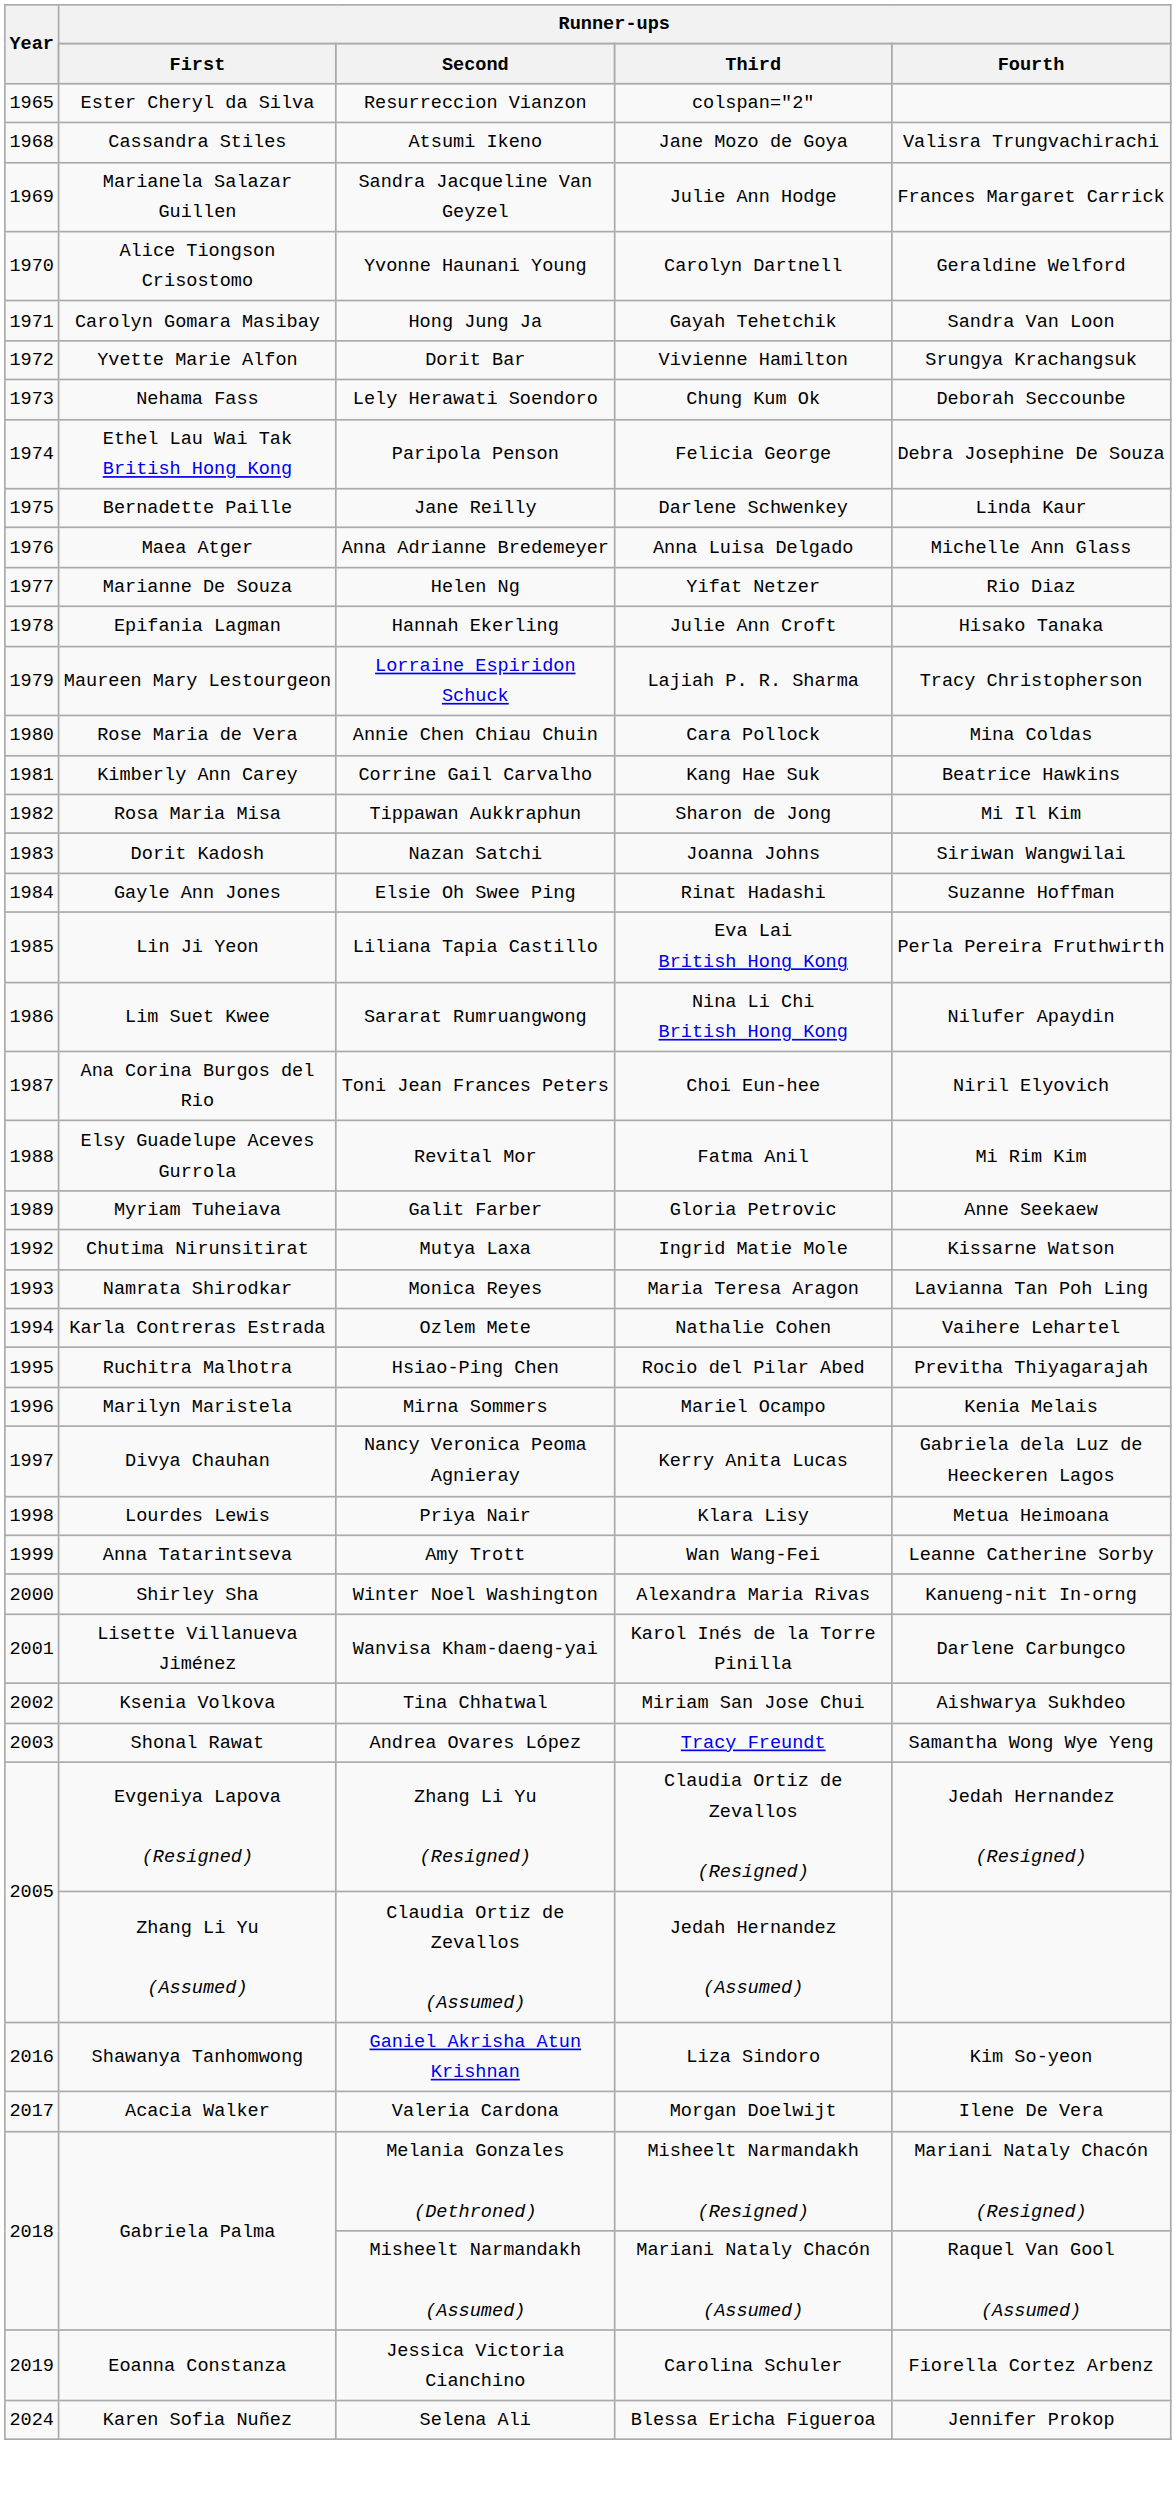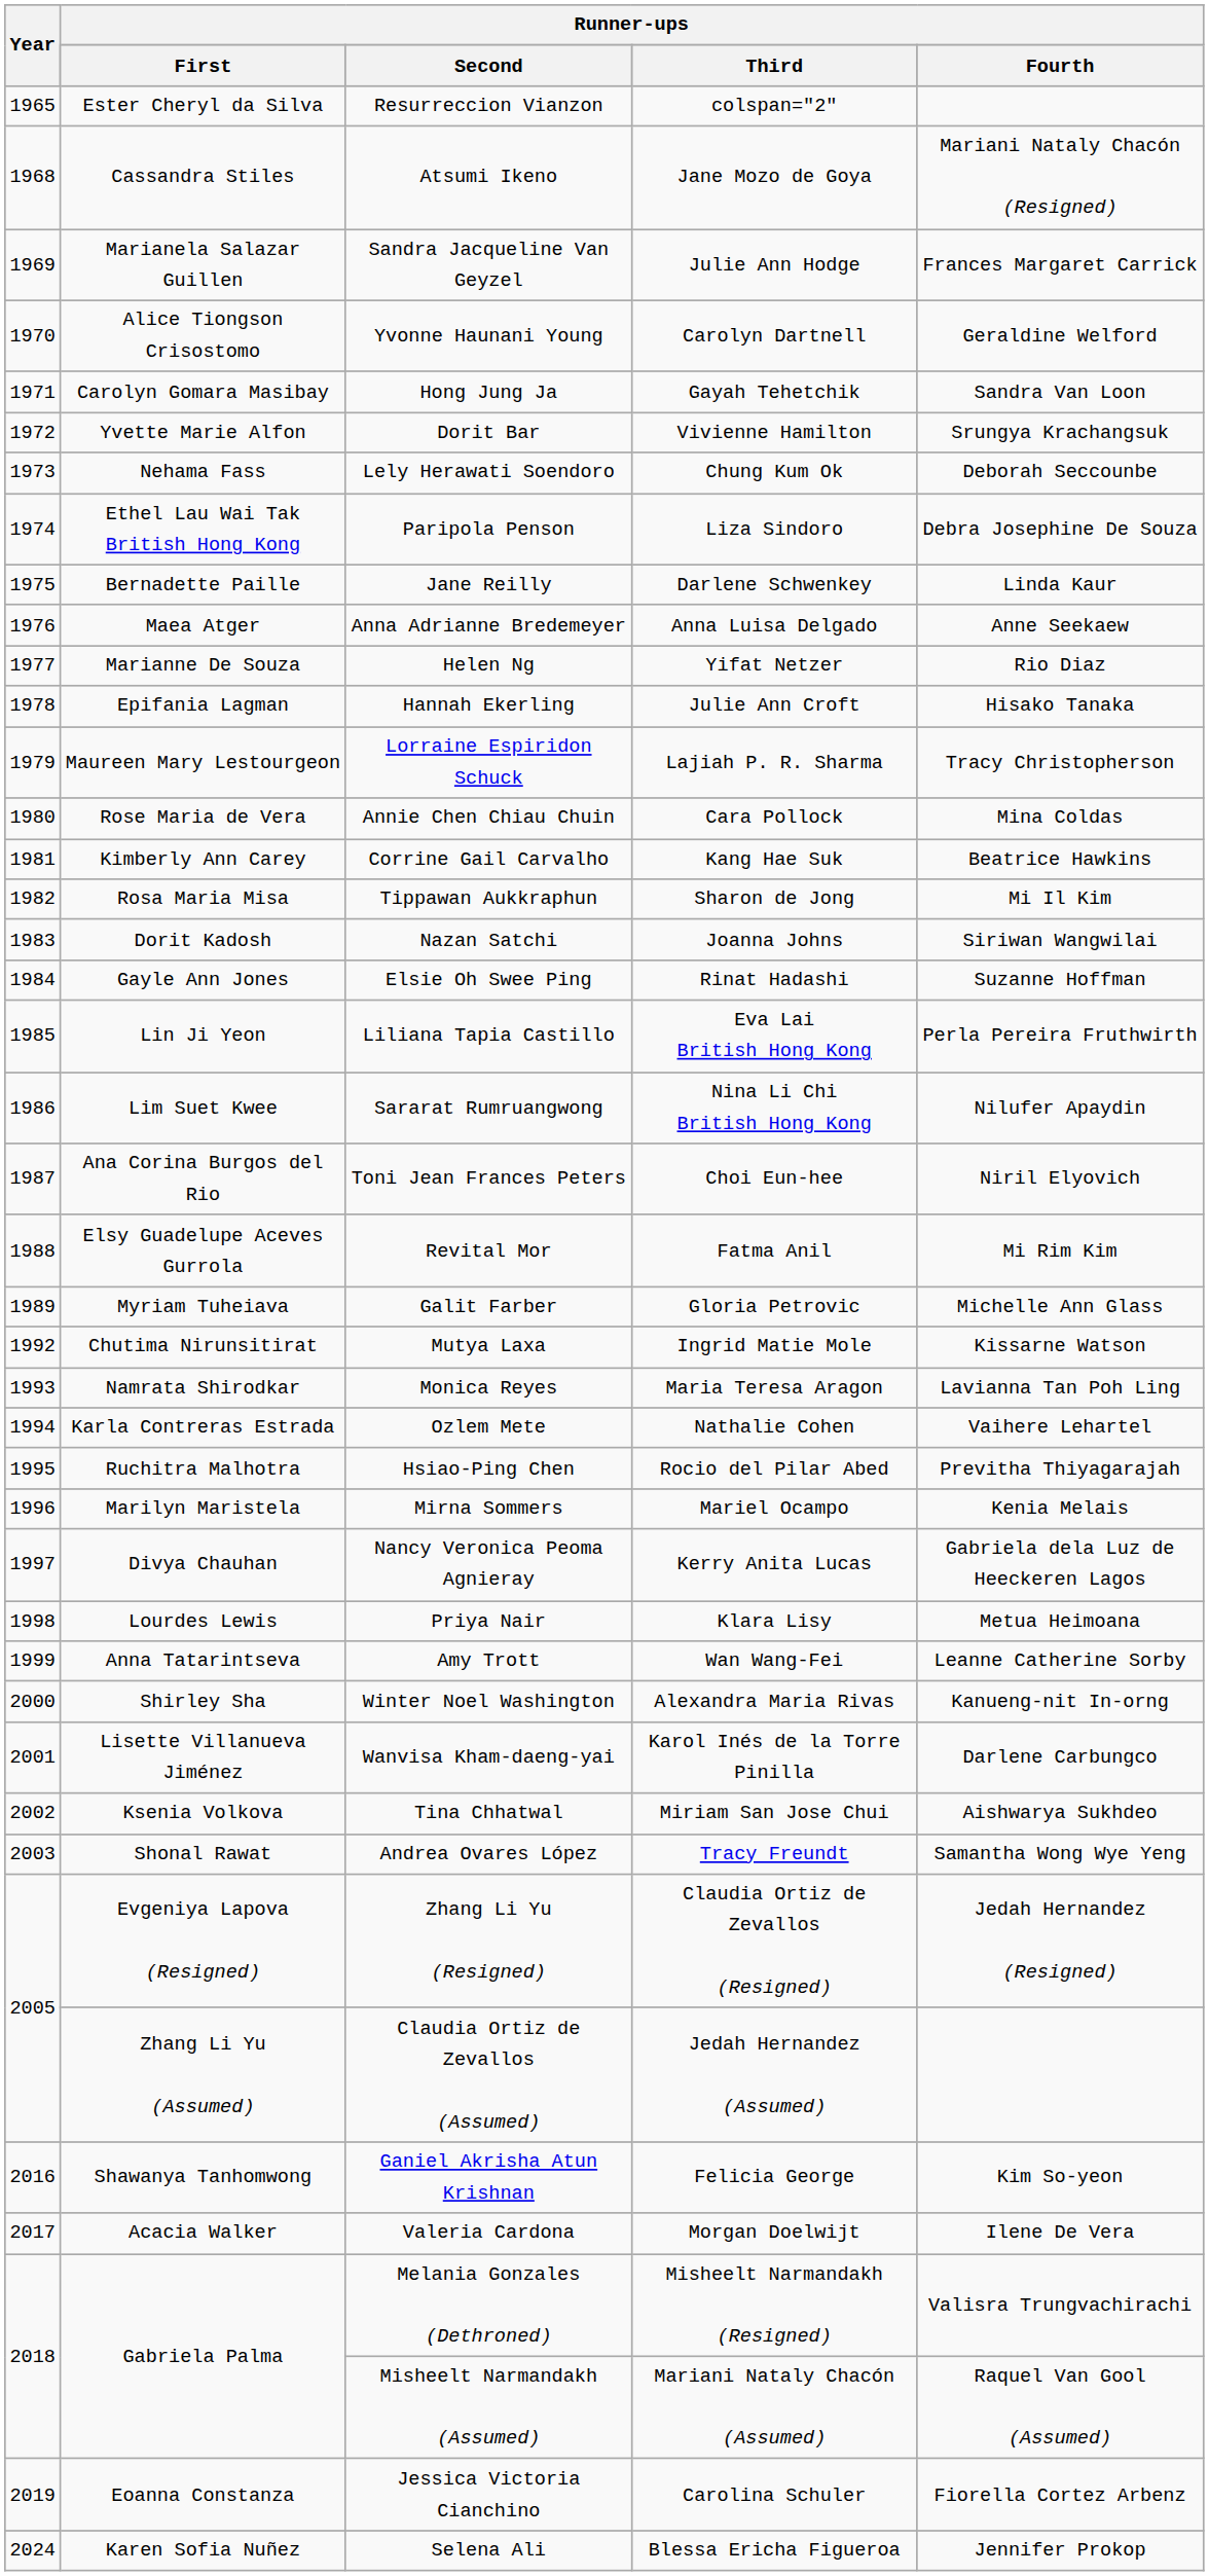 <table class="wikitable" style="text-align:center; font-size:85%; line-height:18px;">
 <tr>
 <th rowspan="2">Year</th>
 <th colspan="4">Runner-ups</th>
 </tr>
 <tr bgcolor="#787878" align="center" colspan="10">
 <th width="160">First</th>
 <th width="160">Second</th>
 <th width="160">Third</th>
 <th width="160">Fourth</th>
 </tr>
 <tr>
 <td>1965</td>
 <td>Ester Cheryl da Silva<br></td>
 <td>Resurreccion Vianzon<br></td>
 <td>colspan="2" </td>
 </tr>
 <tr>
 <td>1968</td>
 <td>Cassandra Stiles<br></td>
 <td>Atsumi Ikeno<br></td>
 <td>Jane Mozo de Goya<br></td>
-<td>Valisra Trungvachirachi<br></td>
+<td>Mariani Nataly Chacón<br><br><em>(Resigned)</em></td>
 </tr>
 <tr>
 <td>1969</td>
 <td>Marianela Salazar Guillen<br></td>
 <td>Sandra Jacqueline Van Geyzel<br></td>
 <td>Julie Ann Hodge<br></td>
 <td>Frances Margaret Carrick<br></td>
 </tr>
 <tr>
 <td>1970</td>
 <td>Alice Tiongson Crisostomo<br></td>
 <td>Yvonne Haunani Young<br></td>
 <td>Carolyn Dartnell<br></td>
 <td>Geraldine Welford<br></td>
 </tr>
 <tr>
 <td>1971</td>
 <td>Carolyn Gomara Masibay<br></td>
 <td>Hong Jung Ja<br></td>
 <td>Gayah Tehetchik<br></td>
 <td>Sandra Van Loon<br></td>
 </tr>
 <tr>
 <td>1972</td>
 <td>Yvette Marie Alfon<br></td>
 <td>Dorit Bar<br></td>
 <td>Vivienne Hamilton<br></td>
 <td>Srungya Krachangsuk<br></td>
 </tr>
 <tr>
 <td>1973</td>
 <td>Nehama Fass<br></td>
 <td>Lely Herawati Soendoro<br></td>
 <td>Chung Kum Ok<br></td>
 <td>Deborah Seccounbe<br></td>
 </tr>
 <tr>
 <td>1974</td>
 <td>Ethel Lau Wai Tak<br> <a href='#'>British Hong Kong</a></td>
 <td>Paripola Penson<br></td>
-<td>Felicia George<br></td>
+<td>Liza Sindoro<br></td>
 <td>Debra Josephine De Souza<br></td>
 </tr>
 <tr>
 <td>1975</td>
 <td>Bernadette Paille<br></td>
 <td>Jane Reilly<br></td>
 <td>Darlene Schwenkey<br></td>
 <td>Linda Kaur<br></td>
 </tr>
 <tr>
 <td>1976</td>
 <td>Maea Atger<br></td>
 <td>Anna Adrianne Bredemeyer<br></td>
 <td>Anna Luisa Delgado<br></td>
-<td>Michelle Ann Glass<br></td>
+<td>Anne Seekaew<br></td>
 </tr>
 <tr>
 <td>1977</td>
 <td>Marianne De Souza<br></td>
 <td>Helen Ng<br></td>
 <td>Yifat Netzer<br></td>
 <td>Rio Diaz<br></td>
 </tr>
 <tr>
 <td>1978</td>
 <td>Epifania Lagman<br></td>
 <td>Hannah Ekerling<br></td>
 <td>Julie Ann Croft<br></td>
 <td>Hisako Tanaka<br></td>
 </tr>
 <tr>
 <td>1979</td>
 <td>Maureen Mary Lestourgeon<br></td>
 <td><a href='#'>Lorraine Espiridon Schuck</a><br></td>
 <td>Lajiah P. R. Sharma<br></td>
 <td>Tracy Christopherson<br></td>
 </tr>
 <tr>
 <td>1980</td>
 <td>Rose Maria de Vera<br></td>
 <td>Annie Chen Chiau Chuin<br></td>
 <td>Cara Pollock<br></td>
 <td>Mina Coldas<br></td>
 </tr>
 <tr>
 <td>1981</td>
 <td>Kimberly Ann Carey<br></td>
 <td>Corrine Gail Carvalho<br></td>
 <td>Kang Hae Suk<br></td>
 <td>Beatrice Hawkins<br></td>
 </tr>
 <tr>
 <td>1982</td>
 <td>Rosa Maria Misa<br></td>
 <td>Tippawan Aukkraphun<br></td>
 <td>Sharon de Jong<br></td>
 <td>Mi Il Kim<br></td>
 </tr>
 <tr>
 <td>1983</td>
 <td>Dorit Kadosh<br></td>
 <td>Nazan Satchi<br></td>
 <td>Joanna Johns<br></td>
 <td>Siriwan Wangwilai<br></td>
 </tr>
 <tr>
 <td>1984</td>
 <td>Gayle Ann Jones<br></td>
 <td>Elsie Oh Swee Ping<br></td>
 <td>Rinat Hadashi<br></td>
 <td>Suzanne Hoffman<br></td>
 </tr>
 <tr>
 <td>1985</td>
 <td>Lin Ji Yeon<br></td>
 <td>Liliana Tapia Castillo<br></td>
 <td>Eva Lai<br> <a href='#'>British Hong Kong</a></td>
 <td>Perla Pereira Fruthwirth<br></td>
 </tr>
 <tr>
 <td>1986</td>
 <td>Lim Suet Kwee<br></td>
 <td>Sararat Rumruangwong<br></td>
 <td>Nina Li Chi<br> <a href='#'>British Hong Kong</a></td>
 <td>Nilufer Apaydin<br></td>
 </tr>
 <tr>
 <td>1987</td>
 <td>Ana Corina Burgos del Rio<br></td>
 <td>Toni Jean Frances Peters<br></td>
 <td>Choi Eun-hee<br></td>
 <td>Niril Elyovich<br></td>
 </tr>
 <tr>
 <td>1988</td>
 <td>Elsy Guadelupe Aceves Gurrola<br></td>
 <td>Revital Mor<br></td>
 <td>Fatma Anil<br></td>
 <td>Mi Rim Kim<br></td>
 </tr>
 <tr>
 <td>1989</td>
 <td>Myriam Tuheiava<br> </td>
 <td>Galit Farber<br></td>
 <td>Gloria Petrovic<br></td>
-<td>Anne Seekaew<br></td>
+<td>Michelle Ann Glass<br></td>
 </tr>
 <tr>
 <td>1992</td>
 <td>Chutima Nirunsitirat<br></td>
 <td>Mutya Laxa<br></td>
 <td>Ingrid Matie Mole<br></td>
 <td>Kissarne Watson<br></td>
 </tr>
 <tr>
 <td>1993</td>
 <td>Namrata Shirodkar<br></td>
 <td>Monica Reyes<br></td>
 <td>Maria Teresa Aragon<br></td>
 <td>Lavianna Tan Poh Ling<br></td>
 </tr>
 <tr>
 <td>1994</td>
 <td>Karla Contreras Estrada<br></td>
 <td>Ozlem Mete<br></td>
 <td>Nathalie Cohen<br></td>
 <td>Vaihere Lehartel<br></td>
 </tr>
 <tr>
 <td>1995</td>
 <td>Ruchitra Malhotra<br></td>
 <td>Hsiao-Ping Chen<br></td>
 <td>Rocio del Pilar Abed<br></td>
 <td>Previtha Thiyagarajah<br></td>
 </tr>
 <tr>
 <td>1996</td>
 <td>Marilyn Maristela<br></td>
 <td>Mirna Sommers<br></td>
 <td>Mariel Ocampo<br></td>
 <td>Kenia Melais<br></td>
 </tr>
 <tr>
 <td>1997</td>
 <td>Divya Chauhan<br></td>
 <td>Nancy Veronica Peoma Agnieray<br></td>
 <td>Kerry Anita Lucas<br></td>
 <td>Gabriela dela Luz de Heeckeren Lagos<br></td>
 </tr>
 <tr>
 <td>1998</td>
 <td>Lourdes Lewis<br></td>
 <td>Priya Nair<br></td>
 <td>Klara Lisy<br></td>
 <td>Metua Heimoana<br></td>
 </tr>
 <tr>
 <td>1999</td>
 <td>Anna Tatarintseva<br></td>
 <td>Amy Trott<br></td>
 <td>Wan Wang-Fei<br></td>
 <td>Leanne Catherine Sorby<br></td>
 </tr>
 <tr>
 <td>2000</td>
 <td>Shirley Sha<br></td>
 <td>Winter Noel Washington<br></td>
 <td>Alexandra Maria Rivas<br></td>
 <td>Kanueng-nit In-orng<br></td>
 </tr>
 <tr>
 <td>2001</td>
 <td>Lisette Villanueva Jiménez<br></td>
 <td>Wanvisa Kham-daeng-yai<br></td>
 <td>Karol Inés de la Torre Pinilla<br></td>
 <td>Darlene Carbungco<br></td>
 </tr>
 <tr>
 <td>2002</td>
 <td>Ksenia Volkova<br></td>
 <td>Tina Chhatwal<br></td>
 <td>Miriam San Jose Chui<br></td>
 <td>Aishwarya Sukhdeo<br></td>
 </tr>
 <tr>
 <td>2003</td>
 <td>Shonal Rawat<br></td>
 <td>Andrea Ovares López<br></td>
 <td><a href='#'>Tracy Freundt</a><br></td>
 <td>Samantha Wong Wye Yeng<br></td>
 </tr>
 <tr>
 <td rowspan="2">2005</td>
 <td>Evgeniya Lapova<br><br><em>(Resigned)</em></td>
 <td>Zhang Li Yu<br><br><em>(Resigned)</em></td>
 <td>Claudia Ortiz de Zevallos<br><br><em>(Resigned)</em></td>
 <td>Jedah Hernandez<br><br><em>(Resigned)</em></td>
 </tr>
 <tr>
 <td>Zhang Li Yu<br><br><em>(Assumed)</em></td>
 <td>Claudia Ortiz de Zevallos<br><br><em>(Assumed)</em></td>
 <td>Jedah Hernandez<br><br><em>(Assumed)</em></td>
 <td></td>
 </tr>
 <tr>
 <td>2016</td>
 <td>Shawanya Tanhomwong<br></td>
 <td><a href='#'>Ganiel Akrisha Atun Krishnan</a><br></td>
-<td>Liza Sindoro<br></td>
+<td>Felicia George<br></td>
 <td>Kim So-yeon<br></td>
 </tr>
 <tr>
 <td>2017</td>
 <td>Acacia Walker<br></td>
 <td>Valeria Cardona<br></td>
 <td>Morgan Doelwijt<br></td>
 <td>Ilene De Vera<br></td>
 </tr>
 <tr>
 <td rowspan="2">2018</td>
 <td rowspan="2">Gabriela Palma<br></td>
 <td>Melania Gonzales<br><br><em>(Dethroned)</em></td>
 <td>Misheelt Narmandakh<br><br><em>(Resigned)</em></td>
-<td>Mariani Nataly Chacón<br><br><em>(Resigned)</em></td>
+<td>Valisra Trungvachirachi<br></td>
 </tr>
 <tr>
 <td>Misheelt Narmandakh<br><br><em>(Assumed)</em></td>
 <td>Mariani Nataly Chacón<br><br><em>(Assumed)</em></td>
 <td>Raquel Van Gool<br><br><em>(Assumed)</em></td>
 </tr>
 <tr>
 <td>2019</td>
 <td>Eoanna Constanza<br></td>
 <td>Jessica Victoria Cianchino<br></td>
 <td>Carolina Schuler<br></td>
 <td>Fiorella Cortez Arbenz<br></td>
 </tr>
 <tr>
 <td>2024</td>
 <td>Karen Sofia Nuñez <br></td>
 <td>Selena Ali <br></td>
 <td>Blessa Ericha Figueroa <br></td>
 <td>Jennifer Prokop <br> </td>
 </tr>
 </table>
